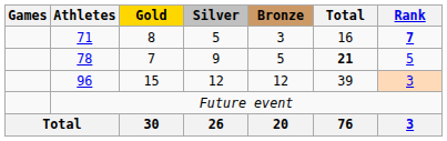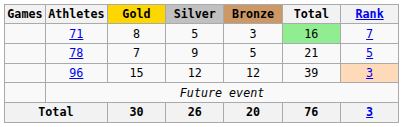 <table class="wikitable" style="text-align:center; font-size:90%;">
 <tr>
 <th>Games</th>
 <th>Athletes</th>
 <td style="background:gold; width:4.5em; font-weight:bold;">Gold</td>
 <td style="background:silver; width:4.5em; font-weight:bold;">Silver</td>
 <td style="background:#cc9966; width:4.5em; font-weight:bold;">Bronze</td>
 <th style="width:4.5em; font-weight:bold;">Total</th>
 <th style="width:4.5em; font-weight:bold;"><a href='#'>Rank</a></th>
 </tr>
 <tr>
 <td align=left></td>
 <td><a href='#'>71</a></td>
 <td>8</td>
 <td>5</td>
 <td>3</td>
-<td>16</td>
-<td><strong><a href='#'>7</a></strong></td>
+<td style="background: lightgreen;">16</td>
+<td><a href='#'>7</a></td>
 </tr>
 <tr>
 <td align=left></td>
 <td><a href='#'>78</a></td>
 <td>7</td>
 <td>9</td>
 <td>5</td>
-<td><strong>21</strong></td>
+<td>21</td>
 <td><a href='#'>5</a></td>
 </tr>
 <tr>
 <td align=left></td>
 <td><a href='#'>96</a></td>
 <td>15</td>
 <td>12</td>
 <td>12</td>
 <td>39</td>
 <td style="background:#ffdab9;"><a href='#'>3</a></td>
 </tr>
 <tr>
 <td align=left></td>
 <td colspan=6><em>Future event</em></td>
 </tr>
 <tr>
 <th colspan=2>Total</th>
 <th>30</th>
 <th>26</th>
 <th>20</th>
 <th>76</th>
 <th><a href='#'>3</a></th>
 </tr>
 </table>
